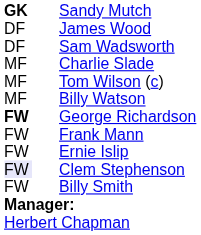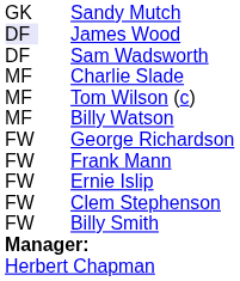 <table style="font-size:90%; margin:0.2em auto;" cellspacing="0" cellpadding="0">
 <tr>
 <th width="25"></th>
 <th width="25"></th>
 </tr>
 <tr>
-<td><strong>GK</strong></td>
+<td>GK</td>
 <td></td>
 <td> <a href='#'>Sandy Mutch</a></td>
 </tr>
 <tr>
-<td>DF</td>
+<td style="background: lavender;">DF</td>
 <td></td>
 <td> <a href='#'>James Wood</a></td>
 </tr>
 <tr>
 <td>DF</td>
 <td></td>
 <td> <a href='#'>Sam Wadsworth</a></td>
 </tr>
 <tr>
 <td>MF</td>
 <td></td>
 <td> <a href='#'>Charlie Slade</a></td>
 </tr>
 <tr>
 <td>MF</td>
 <td></td>
 <td> <a href='#'>Tom Wilson</a> (<a href='#'>c</a>)</td>
 </tr>
 <tr>
 <td>MF</td>
 <td></td>
 <td> <a href='#'>Billy Watson</a></td>
 </tr>
 <tr>
-<td><strong>FW</strong></td>
+<td>FW</td>
 <td></td>
 <td> <a href='#'>George Richardson</a></td>
 </tr>
 <tr>
 <td>FW</td>
 <td></td>
 <td> <a href='#'>Frank Mann</a></td>
 </tr>
 <tr>
 <td>FW</td>
 <td></td>
 <td> <a href='#'>Ernie Islip</a></td>
 </tr>
 <tr>
-<td style="background: lavender;">FW</td>
+<td>FW</td>
 <td></td>
 <td> <a href='#'>Clem Stephenson</a></td>
 </tr>
 <tr>
 <td>FW</td>
 <td></td>
 <td> <a href='#'>Billy Smith</a></td>
 </tr>
 <tr>
 <td colspan=3><strong>Manager:</strong></td>
 </tr>
 <tr>
 <td colspan="4"> <a href='#'>Herbert Chapman</a></td>
 </tr>
 </table>
